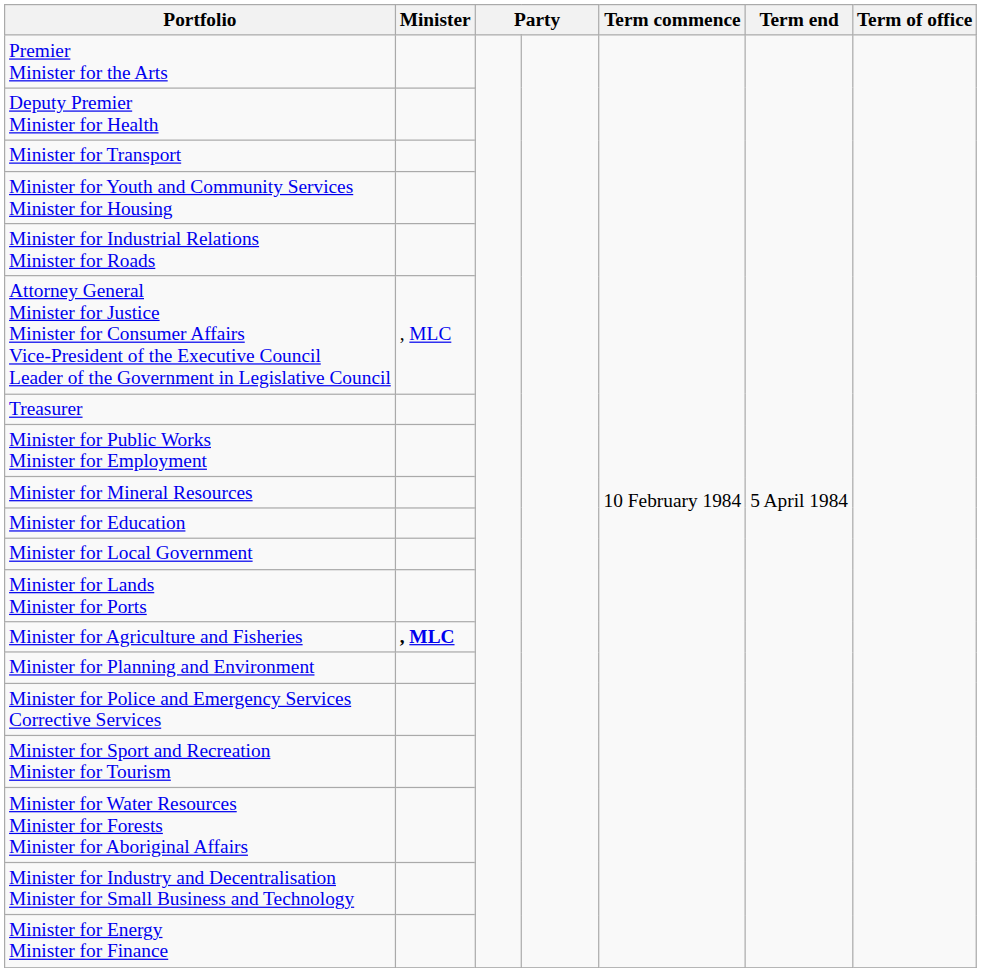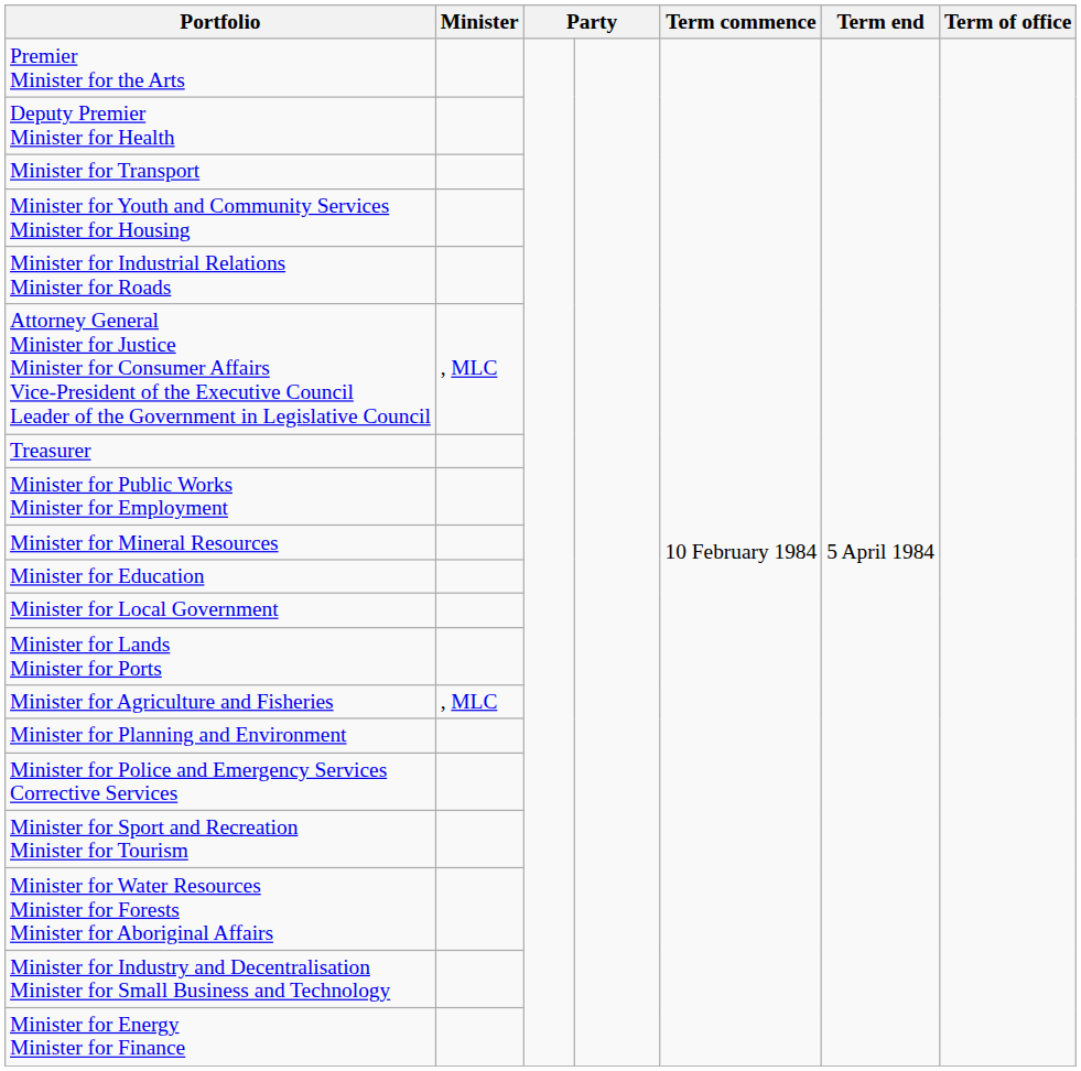 <table class="wikitable sortable">
 <tr>
 <th>Portfolio</th>
 <th>Minister</th>
 <th colspan=2>Party</th>
 <th>Term commence</th>
 <th>Term end</th>
 <th>Term of office</th>
 </tr>
 <tr>
 <td><a href='#'>Premier</a><br><a href='#'>Minister for the Arts</a></td>
 <td></td>
 <td rowspan=19 > </td>
 <td rowspan=19 width=8%></td>
 <td rowspan=19 align=center>10 February 1984</td>
 <td rowspan=19 align=center>5 April 1984</td>
 <td rowspan=19 align=right></td>
 </tr>
 <tr>
 <td><a href='#'>Deputy Premier</a><br><a href='#'>Minister for Health</a></td>
 <td></td>
 </tr>
 <tr>
 <td><a href='#'>Minister for Transport</a></td>
 <td></td>
 </tr>
 <tr>
 <td><a href='#'>Minister for Youth and Community Services</a><br><a href='#'>Minister for Housing</a></td>
 <td></td>
 </tr>
 <tr>
 <td><a href='#'>Minister for Industrial Relations</a><br><a href='#'>Minister for Roads</a></td>
 <td></td>
 </tr>
 <tr>
 <td><a href='#'>Attorney General</a><br><a href='#'>Minister for Justice</a><br><a href='#'>Minister for Consumer Affairs</a><br><a href='#'>Vice-President of the Executive Council</a><br><a href='#'>Leader of the Government in Legislative Council</a></td>
 <td>, <a href='#'>MLC</a></td>
 </tr>
 <tr>
 <td><a href='#'>Treasurer</a></td>
 <td></td>
 </tr>
 <tr>
 <td><a href='#'>Minister for Public Works</a><br><a href='#'>Minister for Employment</a></td>
 <td></td>
 </tr>
 <tr>
 <td><a href='#'>Minister for Mineral Resources</a></td>
 <td></td>
 </tr>
 <tr>
 <td><a href='#'>Minister for Education</a></td>
 <td></td>
 </tr>
 <tr>
 <td><a href='#'>Minister for Local Government</a></td>
 <td></td>
 </tr>
 <tr>
 <td><a href='#'>Minister for Lands</a><br><a href='#'>Minister for Ports</a></td>
 <td></td>
 </tr>
 <tr>
 <td><a href='#'>Minister for Agriculture and Fisheries</a></td>
-<td><strong>, <a href='#'>MLC</a></strong></td>
+<td>, <a href='#'>MLC</a></td>
 </tr>
 <tr>
 <td><a href='#'>Minister for Planning and Environment</a></td>
 <td></td>
 </tr>
 <tr>
 <td><a href='#'>Minister for Police and Emergency Services</a><br><a href='#'>Corrective Services</a></td>
 <td></td>
 </tr>
 <tr>
 <td><a href='#'>Minister for Sport and Recreation</a><br><a href='#'>Minister for Tourism</a></td>
 <td></td>
 </tr>
 <tr>
 <td><a href='#'>Minister for Water Resources</a><br><a href='#'>Minister for Forests</a><br><a href='#'>Minister for Aboriginal Affairs</a></td>
 <td></td>
 </tr>
 <tr>
 <td><a href='#'>Minister for Industry and Decentralisation</a><br><a href='#'>Minister for Small Business and Technology</a></td>
 <td></td>
 </tr>
 <tr>
 <td><a href='#'>Minister for Energy</a><br><a href='#'>Minister for Finance</a></td>
 <td></td>
 </tr>
 </table>
